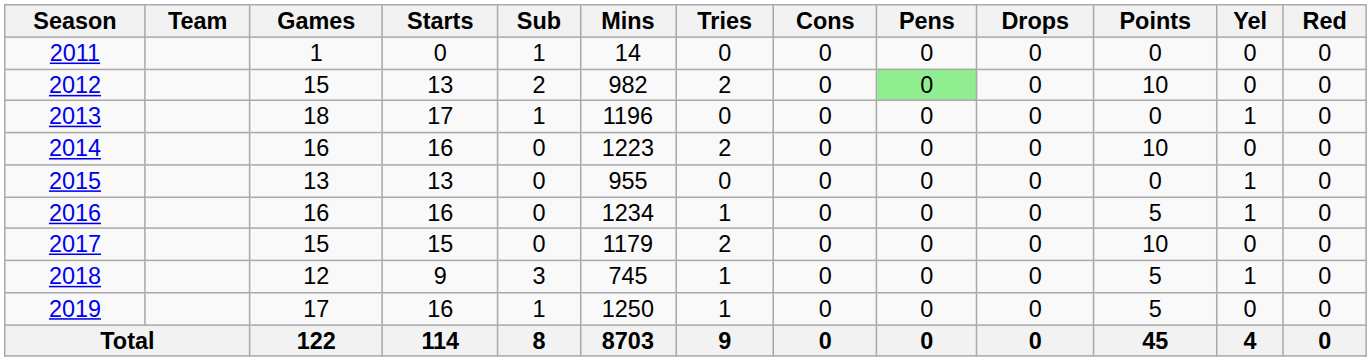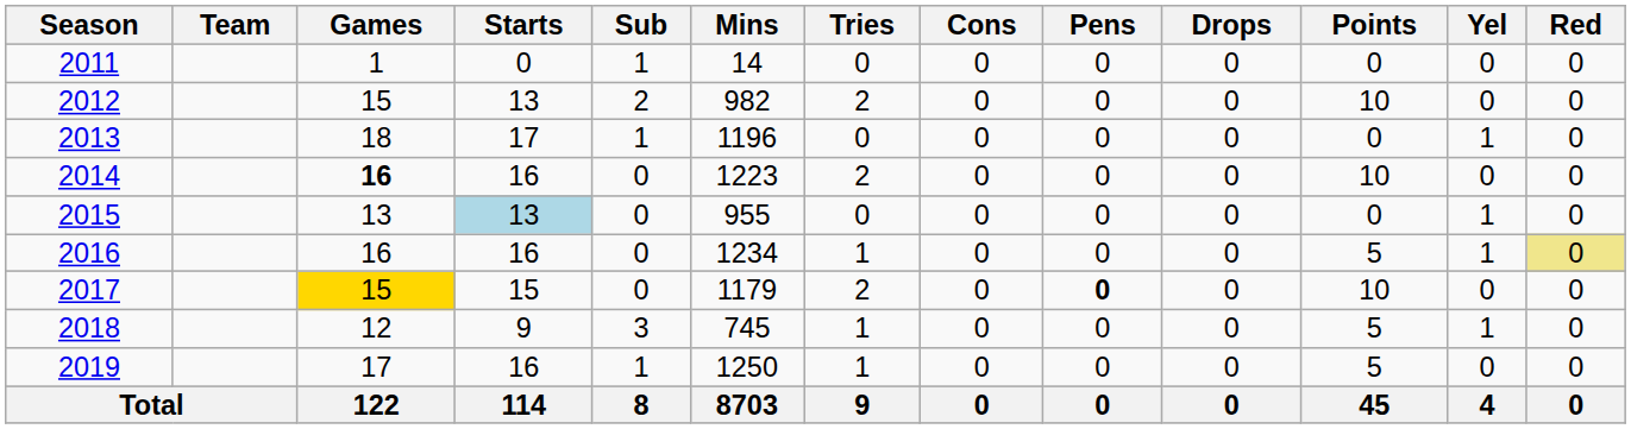 <table class="wikitable" style="text-align:center; line-height:90%; font-size:95%; width:70%;">
 <tr>
 <th>Season</th>
 <th>Team</th>
 <th>Games</th>
 <th>Starts</th>
 <th>Sub</th>
 <th>Mins</th>
 <th>Tries</th>
 <th>Cons</th>
 <th>Pens</th>
 <th>Drops</th>
 <th>Points</th>
 <th>Yel</th>
 <th>Red</th>
 </tr>
 <tr>
 <td><a href='#'>2011</a></td>
 <td></td>
 <td>1</td>
 <td>0</td>
 <td>1</td>
 <td>14</td>
 <td>0</td>
 <td>0</td>
 <td>0</td>
 <td>0</td>
 <td>0</td>
 <td>0</td>
 <td>0</td>
 </tr>
 <tr>
 <td><a href='#'>2012</a></td>
 <td></td>
 <td>15</td>
 <td>13</td>
 <td>2</td>
 <td>982</td>
 <td>2</td>
 <td>0</td>
-<td style="background: lightgreen;">0</td>
+<td>0</td>
 <td>0</td>
 <td>10</td>
 <td>0</td>
 <td>0</td>
 </tr>
 <tr>
 <td><a href='#'>2013</a></td>
 <td></td>
 <td>18</td>
 <td>17</td>
 <td>1</td>
 <td>1196</td>
 <td>0</td>
 <td>0</td>
 <td>0</td>
 <td>0</td>
 <td>0</td>
 <td>1</td>
 <td>0</td>
 </tr>
 <tr>
 <td><a href='#'>2014</a></td>
 <td></td>
-<td>16</td>
+<td><strong>16</strong></td>
 <td>16</td>
 <td>0</td>
 <td>1223</td>
 <td>2</td>
 <td>0</td>
 <td>0</td>
 <td>0</td>
 <td>10</td>
 <td>0</td>
 <td>0</td>
 </tr>
 <tr>
 <td><a href='#'>2015</a></td>
 <td></td>
 <td>13</td>
-<td>13</td>
+<td style="background: lightblue;">13</td>
 <td>0</td>
 <td>955</td>
 <td>0</td>
 <td>0</td>
 <td>0</td>
 <td>0</td>
 <td>0</td>
 <td>1</td>
 <td>0</td>
 </tr>
 <tr>
 <td><a href='#'>2016</a></td>
 <td></td>
 <td>16</td>
 <td>16</td>
 <td>0</td>
 <td>1234</td>
 <td>1</td>
 <td>0</td>
 <td>0</td>
 <td>0</td>
 <td>5</td>
 <td>1</td>
-<td>0</td>
+<td style="background: khaki;">0</td>
 </tr>
 <tr>
 <td><a href='#'>2017</a></td>
 <td></td>
-<td>15</td>
+<td style="background: gold;">15</td>
 <td>15</td>
 <td>0</td>
 <td>1179</td>
 <td>2</td>
 <td>0</td>
-<td>0</td>
+<td><strong>0</strong></td>
 <td>0</td>
 <td>10</td>
 <td>0</td>
 <td>0</td>
 </tr>
 <tr>
 <td><a href='#'>2018</a></td>
 <td></td>
 <td>12</td>
 <td>9</td>
 <td>3</td>
 <td>745</td>
 <td>1</td>
 <td>0</td>
 <td>0</td>
 <td>0</td>
 <td>5</td>
 <td>1</td>
 <td>0</td>
 </tr>
 <tr>
 <td><a href='#'>2019</a></td>
 <td></td>
 <td>17</td>
 <td>16</td>
 <td>1</td>
 <td>1250</td>
 <td>1</td>
 <td>0</td>
 <td>0</td>
 <td>0</td>
 <td>5</td>
 <td>0</td>
 <td>0</td>
 </tr>
 <tr>
 <th colspan="2">Total</th>
 <th>122</th>
 <th>114</th>
 <th>8</th>
 <th>8703</th>
 <th>9</th>
 <th>0</th>
 <th>0</th>
 <th>0</th>
 <th>45</th>
 <th>4</th>
 <th>0</th>
 </tr>
 </table>
